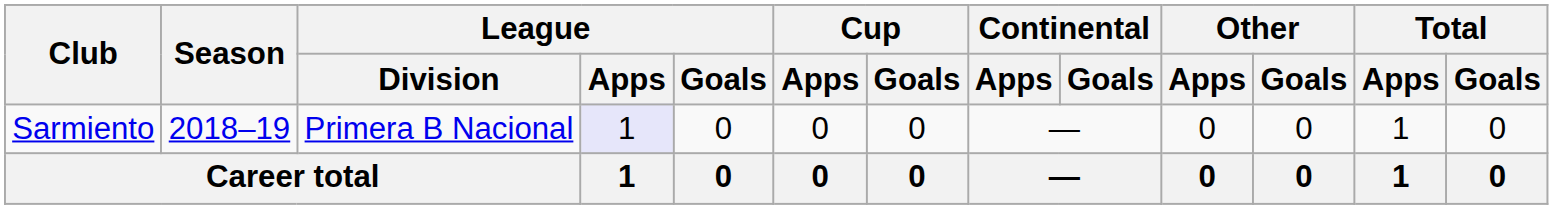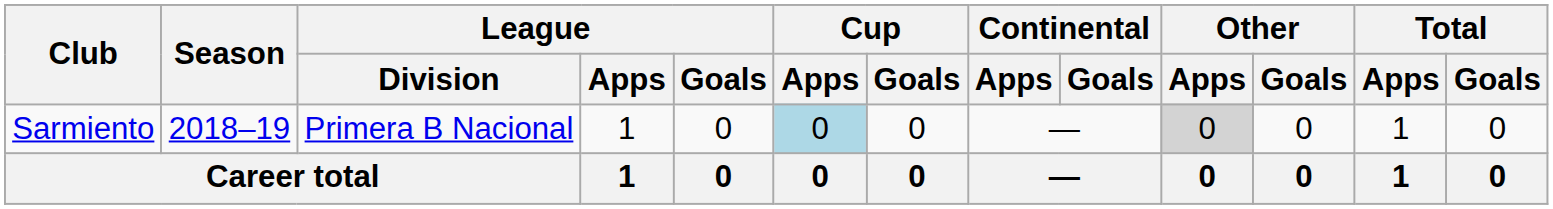 <table class="wikitable" style="text-align:center">
 <tr>
 <th rowspan="2">Club</th>
 <th rowspan="2">Season</th>
 <th colspan="3">League</th>
 <th colspan="2">Cup</th>
 <th colspan="2">Continental</th>
 <th colspan="2">Other</th>
 <th colspan="2">Total</th>
 </tr>
 <tr>
 <th>Division</th>
 <th>Apps</th>
 <th>Goals</th>
 <th>Apps</th>
 <th>Goals</th>
 <th>Apps</th>
 <th>Goals</th>
 <th>Apps</th>
 <th>Goals</th>
 <th>Apps</th>
 <th>Goals</th>
 </tr>
 <tr>
 <td rowspan="1"><a href='#'>Sarmiento</a></td>
 <td><a href='#'>2018–19</a></td>
 <td rowspan="1"><a href='#'>Primera B Nacional</a></td>
-<td style="background: lavender;">1</td>
+<td>1</td>
 <td>0</td>
-<td>0</td>
+<td style="background: lightblue;">0</td>
 <td>0</td>
 <td colspan="2">—</td>
-<td>0</td>
+<td style="background: lightgrey;">0</td>
 <td>0</td>
 <td>1</td>
 <td>0</td>
 </tr>
 <tr>
 <th colspan="3">Career total</th>
 <th>1</th>
 <th>0</th>
 <th>0</th>
 <th>0</th>
 <th colspan="2">—</th>
 <th>0</th>
 <th>0</th>
 <th>1</th>
 <th>0</th>
 </tr>
 </table>
